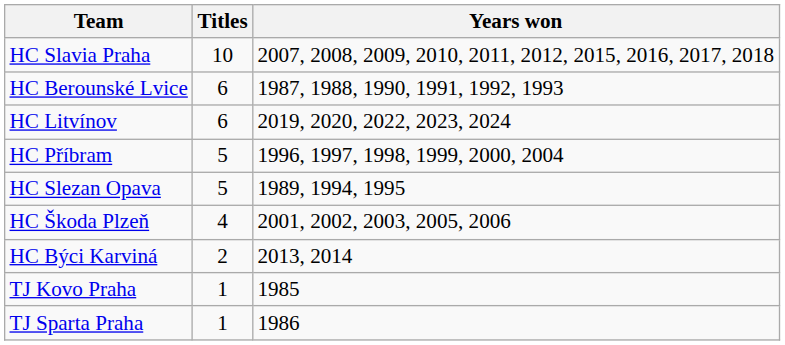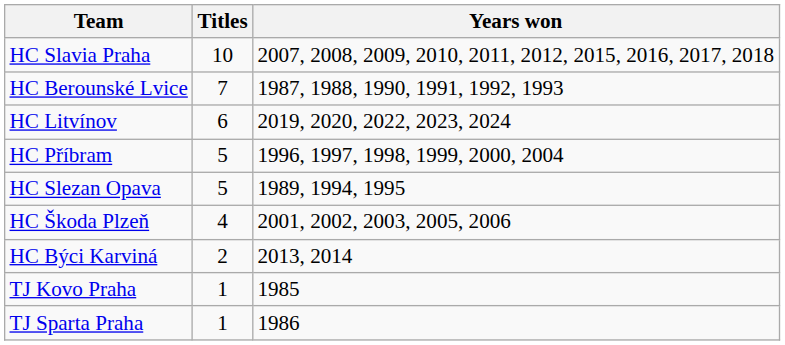 <table class="wikitable sortable" style="text-size: 80%">
 <tr>
 <th>Team</th>
 <th>Titles</th>
 <th>Years won</th>
 </tr>
 <tr>
 <td><a href='#'>HC Slavia Praha</a></td>
 <td align=center>10</td>
 <td>2007, 2008, 2009, 2010, 2011, 2012, 2015, 2016, 2017, 2018</td>
 </tr>
 <tr>
 <td><a href='#'>HC Berounské Lvice</a></td>
-<td align=center>6</td>
+<td align=center>7</td>
 <td>1987, 1988, 1990, 1991, 1992, 1993</td>
 </tr>
 <tr>
 <td><a href='#'>HC Litvínov</a></td>
 <td align=center>6</td>
 <td>2019, 2020, 2022, 2023, 2024</td>
 </tr>
 <tr>
 <td><a href='#'>HC Příbram</a></td>
 <td align=center>5</td>
 <td>1996, 1997, 1998, 1999, 2000, 2004</td>
 </tr>
 <tr>
 <td><a href='#'>HC Slezan Opava</a></td>
 <td align=center>5</td>
 <td>1989, 1994, 1995</td>
 </tr>
 <tr>
 <td><a href='#'>HC Škoda Plzeň</a></td>
 <td align=center>4</td>
 <td>2001, 2002, 2003, 2005, 2006</td>
 </tr>
 <tr>
 <td><a href='#'>HC Býci Karviná</a></td>
 <td align=center>2</td>
 <td>2013, 2014</td>
 </tr>
 <tr>
 <td><a href='#'>TJ Kovo Praha</a></td>
 <td align=center>1</td>
 <td>1985</td>
 </tr>
 <tr>
 <td><a href='#'>TJ Sparta Praha</a></td>
 <td align=center>1</td>
 <td>1986</td>
 </tr>
 </table>
